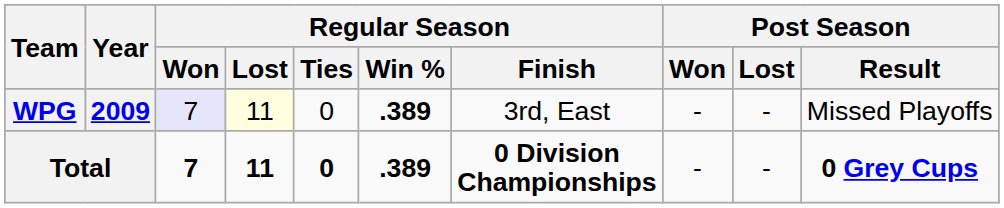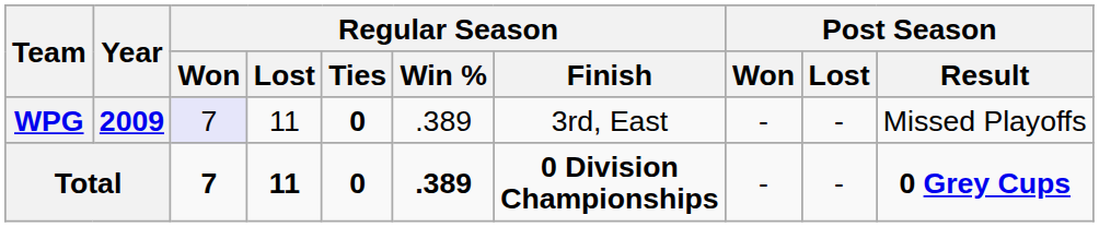 <table class="wikitable" style="font-size: 95%; text-align:center;">
 <tr>
 <th rowspan="2">Team</th>
 <th rowspan="2">Year</th>
 <th colspan="5">Regular Season</th>
 <th colspan="4">Post Season</th>
 </tr>
 <tr>
 <th>Won</th>
 <th>Lost</th>
 <th>Ties</th>
 <th>Win %</th>
 <th>Finish</th>
 <th>Won</th>
 <th>Lost</th>
 <th>Result</th>
 </tr>
 <tr>
 <th><a href='#'>WPG</a></th>
 <th><a href='#'>2009</a></th>
 <td style="background: lavender;">7</td>
-<td style="background: lightyellow;">11</td>
-<td>0</td>
-<td><strong>.389</strong></td>
+<td>11</td>
+<td><strong>0</strong></td>
+<td>.389</td>
 <td>3rd, East</td>
 <td>-</td>
 <td>-</td>
 <td>Missed Playoffs</td>
 </tr>
 <tr>
 <th colspan="2"><strong>Total</strong></th>
 <td><strong>7</strong></td>
 <td><strong>11</strong></td>
 <td><strong>0</strong></td>
 <td><strong>.389</strong></td>
 <td><strong>0 Division<br>Championships</strong></td>
 <td>-</td>
 <td>-</td>
 <td><strong>0 <a href='#'>Grey Cups</a></strong></td>
 </tr>
 </table>
